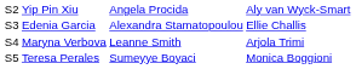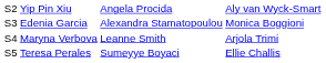 <table>
 <tr>
 <td>S2</td>
 <td><a href='#'>Yip Pin Xiu</a><br></td>
 <td><a href='#'>Angela Procida</a><br></td>
 <td><a href='#'>Aly van Wyck-Smart</a><br></td>
 </tr>
 <tr>
 <td>S3</td>
 <td><a href='#'>Edenia Garcia</a><br></td>
 <td><a href='#'>Alexandra Stamatopoulou</a><br></td>
-<td><a href='#'>Ellie Challis</a><br></td>
+<td><a href='#'>Monica Boggioni</a><br></td>
 </tr>
 <tr>
 <td>S4</td>
 <td><a href='#'>Maryna Verbova</a><br></td>
 <td><a href='#'>Leanne Smith</a><br></td>
 <td><a href='#'>Arjola Trimi</a><br></td>
 </tr>
 <tr>
 <td>S5</td>
 <td><a href='#'>Teresa Perales</a><br></td>
 <td><a href='#'>Sumeyye Boyaci</a><br></td>
-<td><a href='#'>Monica Boggioni</a><br></td>
+<td><a href='#'>Ellie Challis</a><br></td>
 </tr>
 </table>
